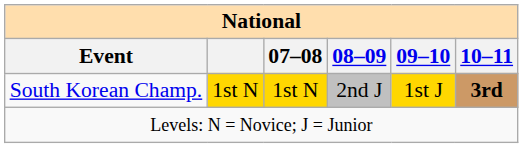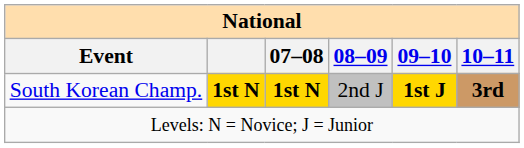 <table class="wikitable" style="text-align:center">
 <tr>
 <th colspan="6" style="background:#ffdead; text-align:center;">National</th>
 </tr>
 <tr>
 <th>Event</th>
 <th></th>
 <th>07–08</th>
 <th><a href='#'>08–09</a></th>
 <th><a href='#'>09–10</a></th>
 <th><a href='#'>10–11</a></th>
 </tr>
 <tr>
 <td align=left><a href='#'>South Korean Champ.</a></td>
-<td bgcolor=gold>1st N</td>
-<td bgcolor=gold>1st N</td>
+<td bgcolor=gold><strong>1st N</strong></td>
+<td bgcolor=gold><strong>1st N</strong></td>
 <td bgcolor=silver>2nd J</td>
-<td bgcolor=gold>1st J</td>
+<td bgcolor=gold><strong>1st J</strong></td>
 <td bgcolor=cc9966><strong>3rd</strong></td>
 </tr>
 <tr>
 <td colspan="6" style="text-align:center;"><small> Levels: N = Novice; J = Junior </small></td>
 </tr>
 </table>
